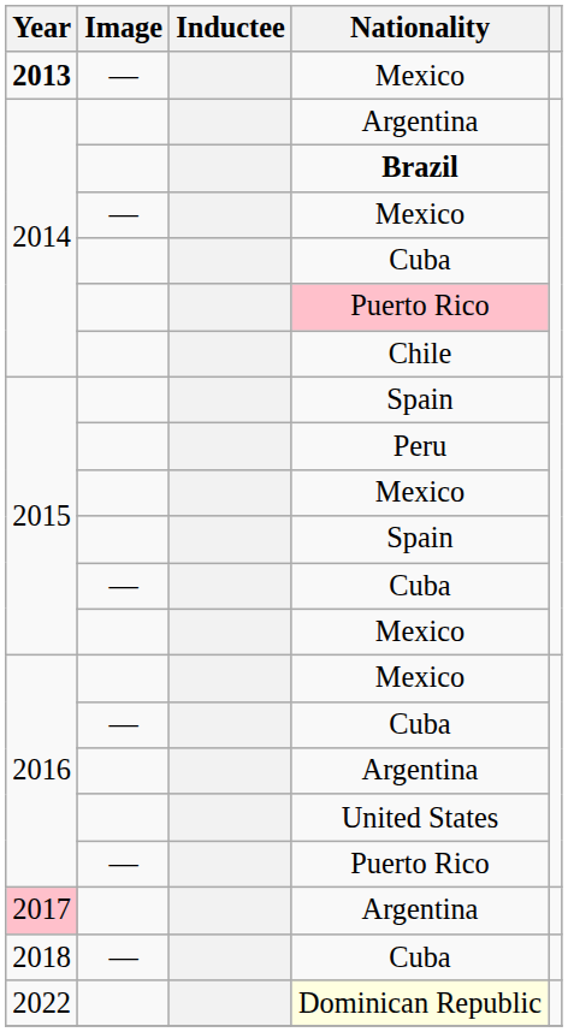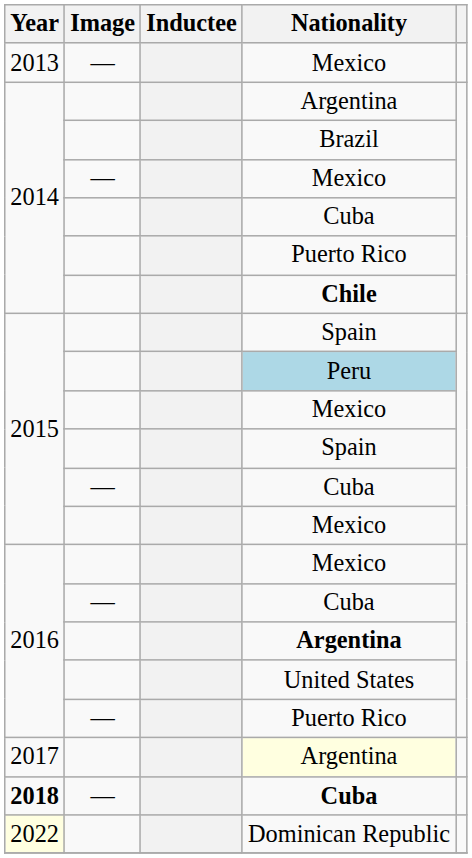 <table class="wikitable plainrowheaders sortable" style="text-align:center">
 <tr>
 <th scope=col>Year</th>
 <th scope=col class=unsortable>Image</th>
 <th scope=col>Inductee</th>
 <th scope=col>Nationality</th>
 <th scope=col class=unsortable></th>
 </tr>
 <tr>
-<td><strong>2013</strong></td>
+<td>2013</td>
 <td>—</td>
 <th scope=row style="text-align:center;"></th>
 <td>Mexico</td>
 <td></td>
 </tr>
 <tr>
 <td rowspan="6">2014</td>
 <td></td>
 <th scope=row style="text-align:center;"></th>
 <td>Argentina</td>
 <td rowspan="6"></td>
 </tr>
 <tr>
 <td></td>
 <th scope=row style="text-align:center;"></th>
-<td><strong>Brazil</strong></td>
+<td>Brazil</td>
 </tr>
 <tr>
 <td>—</td>
 <th scope=row style="text-align:center;"></th>
 <td>Mexico</td>
 </tr>
 <tr>
 <td></td>
 <th scope=row style="text-align:center;"></th>
 <td>Cuba</td>
 </tr>
 <tr>
 <td></td>
 <th scope=row style="text-align:center;"></th>
-<td style="background: pink;">Puerto Rico</td>
+<td>Puerto Rico</td>
 </tr>
 <tr>
 <td></td>
 <th scope=row style="text-align:center;"></th>
-<td>Chile</td>
+<td><strong>Chile</strong></td>
 </tr>
 <tr>
 <td rowspan="6">2015</td>
 <td></td>
 <th scope=row style="text-align:center;"></th>
 <td>Spain</td>
 <td rowspan="6"></td>
 </tr>
 <tr>
 <td></td>
 <th scope=row style="text-align:center;"></th>
-<td>Peru</td>
+<td style="background: lightblue;">Peru</td>
 </tr>
 <tr>
 <td></td>
 <th scope=row style="text-align:center;"></th>
 <td>Mexico</td>
 </tr>
 <tr>
 <td></td>
 <th scope=row style="text-align:center;"></th>
 <td>Spain</td>
 </tr>
 <tr>
 <td>—</td>
 <th scope=row style="text-align:center;"></th>
 <td>Cuba</td>
 </tr>
 <tr>
 <td></td>
 <th scope=row style="text-align:center;"></th>
 <td>Mexico</td>
 </tr>
 <tr>
 <td rowspan="5">2016</td>
 <td></td>
 <th scope=row style="text-align:center;"></th>
 <td>Mexico</td>
 <td rowspan="5"></td>
 </tr>
 <tr>
 <td>—</td>
 <th scope=row style="text-align:center;"></th>
 <td>Cuba</td>
 </tr>
 <tr>
 <td></td>
 <th scope=row style="text-align:center;"></th>
-<td>Argentina</td>
+<td><strong>Argentina</strong></td>
 </tr>
 <tr>
 <td></td>
 <th scope=row style="text-align:center;"></th>
 <td>United States</td>
 </tr>
 <tr>
 <td>—</td>
 <th scope=row style="text-align:center;"></th>
 <td>Puerto Rico</td>
 </tr>
 <tr>
-<td style="background: pink;">2017</td>
+<td>2017</td>
 <td></td>
 <th scope=row style="text-align:center;"></th>
-<td>Argentina</td>
+<td style="background: lightyellow;">Argentina</td>
 <td></td>
 </tr>
 <tr>
-<td>2018</td>
+<td><strong>2018</strong></td>
 <td>—</td>
 <th scope=row style="text-align:center;"></th>
-<td>Cuba</td>
+<td><strong>Cuba</strong></td>
 <td></td>
 </tr>
 <tr>
-<td>2022</td>
+<td style="background: lightyellow;">2022</td>
 <td></td>
 <th scope=row style="text-align:center;"></th>
-<td style="background: lightyellow;">Dominican Republic</td>
+<td>Dominican Republic</td>
 <td></td>
 </tr>
 <tr>
 </tr>
 </table>
